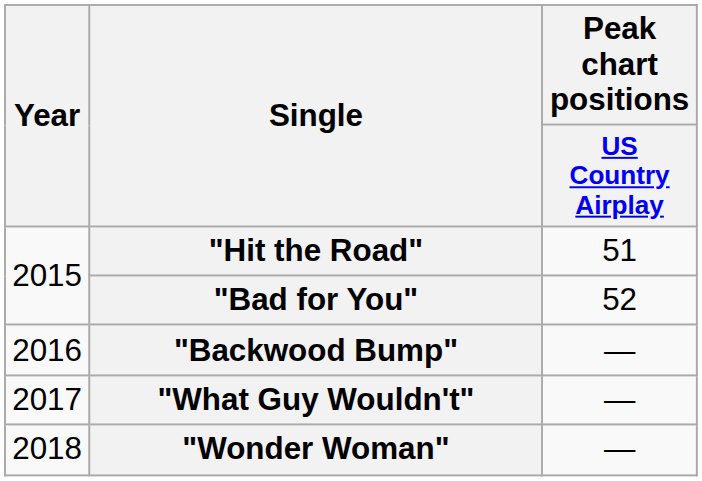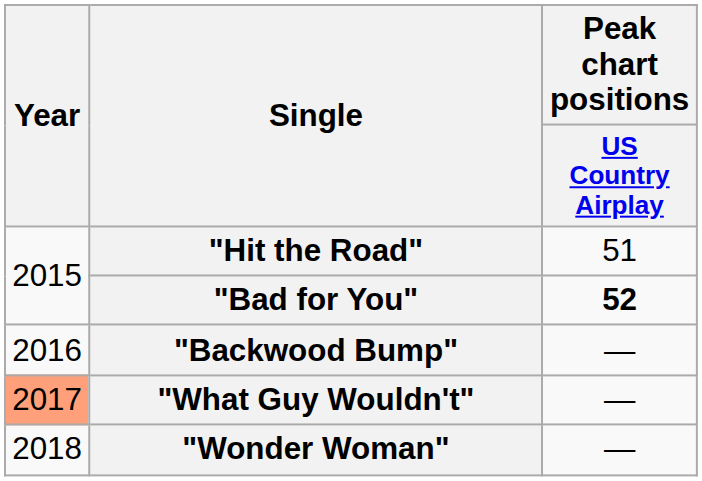 <table class="wikitable plainrowheaders" style="text-align:center;">
 <tr>
 <th rowspan="2">Year</th>
 <th rowspan="2" style="width:14em;">Single</th>
 <th colspan="1">Peak chart<br>positions</th>
 </tr>
 <tr style="font-size:smaller;">
 <th width="45"><a href='#'>US Country Airplay</a></th>
 </tr>
 <tr>
 <td rowspan="2">2015</td>
 <th scope="row">"Hit the Road"</th>
 <td>51</td>
 </tr>
 <tr>
 <th scope="row">"Bad for You"</th>
-<td>52</td>
+<td><strong>52</strong></td>
 </tr>
 <tr>
 <td>2016</td>
 <th scope="row">"Backwood Bump"</th>
 <td>—</td>
 </tr>
 <tr>
-<td>2017</td>
+<td style="background: lightsalmon;">2017</td>
 <th scope="row">"What Guy Wouldn't"</th>
 <td>—</td>
 </tr>
 <tr>
 <td>2018</td>
 <th scope="row">"Wonder Woman"</th>
 <td>—</td>
 </tr>
 </table>
